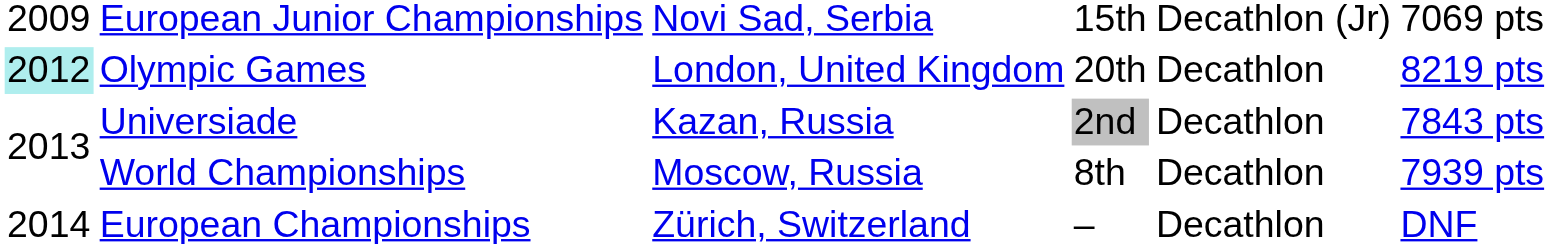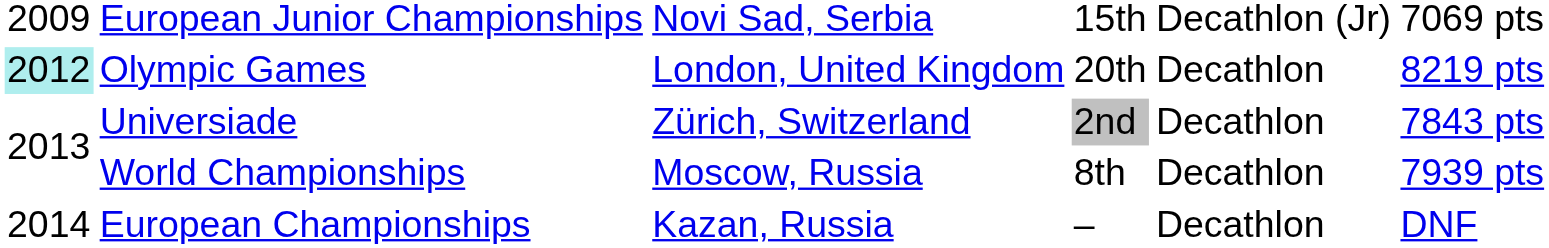 <table>
 <tr>
 <td>2009</td>
 <td><a href='#'>European Junior Championships</a></td>
 <td><a href='#'>Novi Sad, Serbia</a></td>
 <td>15th</td>
 <td>Decathlon (Jr)</td>
 <td>7069 pts</td>
 </tr>
 <tr>
 <td style="background: paleturquoise;">2012</td>
 <td><a href='#'>Olympic Games</a></td>
 <td><a href='#'>London, United Kingdom</a></td>
 <td>20th</td>
 <td>Decathlon</td>
 <td><a href='#'>8219 pts</a></td>
 </tr>
 <tr>
 <td rowspan=2>2013</td>
 <td><a href='#'>Universiade</a></td>
-<td><a href='#'>Kazan, Russia</a></td>
+<td><a href='#'>Zürich, Switzerland</a></td>
 <td bgcolor=silver>2nd</td>
 <td>Decathlon</td>
 <td><a href='#'>7843 pts</a></td>
 </tr>
 <tr>
 <td><a href='#'>World Championships</a></td>
 <td><a href='#'>Moscow, Russia</a></td>
 <td>8th</td>
 <td>Decathlon</td>
 <td><a href='#'>7939 pts</a></td>
 </tr>
 <tr>
 <td>2014</td>
 <td><a href='#'>European Championships</a></td>
-<td><a href='#'>Zürich, Switzerland</a></td>
+<td><a href='#'>Kazan, Russia</a></td>
 <td>–</td>
 <td>Decathlon</td>
 <td><a href='#'>DNF</a></td>
 </tr>
 </table>
